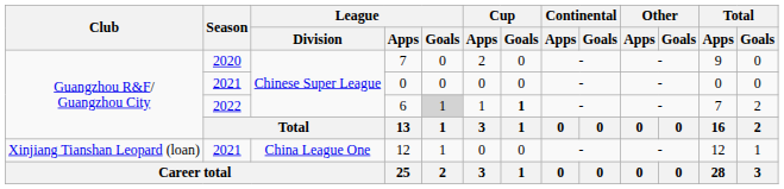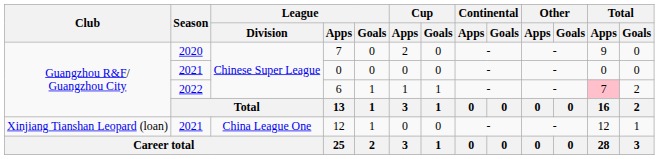 <table class="wikitable" style="text-align: center">
 <tr>
 <th rowspan="2">Club</th>
 <th rowspan="2">Season</th>
 <th colspan="3">League</th>
 <th colspan="2">Cup</th>
 <th colspan="2">Continental</th>
 <th colspan="2">Other</th>
 <th colspan="2">Total</th>
 </tr>
 <tr>
 <th>Division</th>
 <th>Apps</th>
 <th>Goals</th>
 <th>Apps</th>
 <th>Goals</th>
 <th>Apps</th>
 <th>Goals</th>
 <th>Apps</th>
 <th>Goals</th>
 <th>Apps</th>
 <th>Goals</th>
 </tr>
 <tr>
 <td rowspan=4><a href='#'>Guangzhou R&F</a>/<br><a href='#'>Guangzhou City</a></td>
 <td><a href='#'>2020</a></td>
 <td rowspan=3><a href='#'>Chinese Super League</a></td>
 <td>7</td>
 <td>0</td>
 <td>2</td>
 <td>0</td>
 <td colspan="2">-</td>
 <td colspan="2">-</td>
 <td>9</td>
 <td>0</td>
 </tr>
 <tr>
 <td><a href='#'>2021</a></td>
 <td>0</td>
 <td>0</td>
 <td>0</td>
 <td>0</td>
 <td colspan="2">-</td>
 <td colspan="2">-</td>
 <td>0</td>
 <td>0</td>
 </tr>
 <tr>
 <td><a href='#'>2022</a></td>
 <td>6</td>
-<td style="background: lightgrey;">1</td>
 <td>1</td>
-<td><strong>1</strong></td>
+<td>1</td>
+<td>1</td>
 <td colspan="2">-</td>
 <td colspan="2">-</td>
-<td>7</td>
+<td style="background: pink;">7</td>
 <td>2</td>
 </tr>
 <tr>
 <th colspan=2>Total</th>
 <th>13</th>
 <th>1</th>
 <th>3</th>
 <th>1</th>
 <th>0</th>
 <th>0</th>
 <th>0</th>
 <th>0</th>
 <th>16</th>
 <th>2</th>
 </tr>
 <tr>
 <td><a href='#'>Xinjiang Tianshan Leopard</a> (loan)</td>
 <td><a href='#'>2021</a></td>
 <td><a href='#'>China League One</a></td>
 <td>12</td>
 <td>1</td>
 <td>0</td>
 <td>0</td>
 <td colspan="2">-</td>
 <td colspan="2">-</td>
 <td>12</td>
 <td>1</td>
 </tr>
 <tr>
 <th colspan=3>Career total</th>
 <th>25</th>
 <th>2</th>
 <th>3</th>
 <th>1</th>
 <th>0</th>
 <th>0</th>
 <th>0</th>
 <th>0</th>
 <th>28</th>
 <th>3</th>
 </tr>
 </table>
